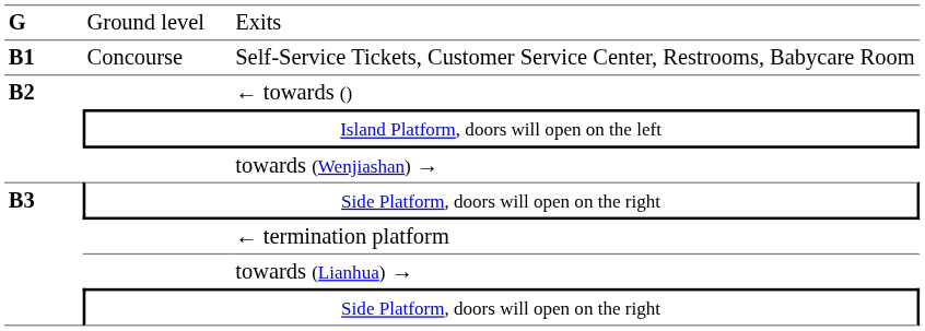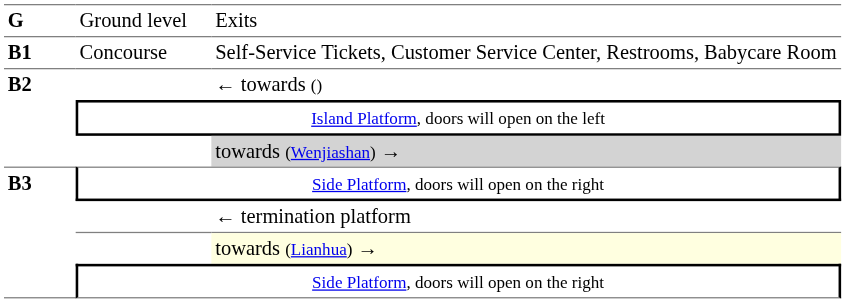 <table style="border-spacing:0;">
 <tr>
 <td style="border-bottom:solid 1px gray;border-top:solid 1px gray;vertical-align:top;padding:3px;"><strong>G</strong></td>
 <td style="border-top:solid 1px gray;border-bottom:solid 1px gray;vertical-align:top;padding:3px;">Ground level</td>
 <td style="border-top:solid 1px gray;border-bottom:solid 1px gray;vertical-align:top;padding:3px;">Exits</td>
 </tr>
 <tr>
 <td style="border-bottom:solid 1px gray;vertical-align:top;padding:3px;"><strong>B1</strong></td>
 <td style="border-bottom:solid 1px gray;vertical-align:top;padding:3px;">Concourse</td>
 <td style="border-bottom:solid 1px gray;padding:3px;">Self-Service Tickets, Customer Service Center, Restrooms, Babycare Room</td>
 </tr>
 <tr>
 <td style="vertical-align:top;padding:3px;" rowspan=3><strong>B2</strong></td>
 <td></td>
 <td style="padding:3px;">←  towards  <small> ()</small></td>
 </tr>
 <tr>
 <td style="border:solid 2px black;text-align:center;padding:3px;" colspan=3><small><a href='#'>Island Platform</a>, doors will open on the left</small></td>
 </tr>
 <tr>
 <td style="padding:3px;"></td>
-<td style="padding:3px;">  towards  <small> (<a href='#'>Wenjiashan</a>)</small> →</td>
+<td style="background: lightgrey; padding:3px;">  towards  <small> (<a href='#'>Wenjiashan</a>)</small> →</td>
 </tr>
 <tr>
 <td style="border-top:solid 1px gray;border-bottom:solid 1px gray;width:50px;vertical-align:top;padding:3px;" rowspan=5><strong>B3</strong></td>
 </tr>
 <tr>
 <td style="border-top:solid 1px gray;border-right:solid 2px black;border-left:solid 2px black;border-bottom:solid 2px black;text-align:center;padding:3px;" colspan=2><small><a href='#'>Side Platform</a>, doors will open on the right</small></td>
 </tr>
 <tr>
 <td style="border-bottom:solid 1px gray;width:100px;padding:3px;"></td>
 <td style="border-bottom:solid 1px gray;padding:3px;">←  termination platform</td>
 </tr>
 <tr>
 <td style="padding:3px;"></td>
-<td style="padding:3px;">  towards  <small>(<a href='#'>Lianhua</a>)</small> →</td>
+<td style="background: lightyellow; padding:3px;">  towards  <small>(<a href='#'>Lianhua</a>)</small> →</td>
 </tr>
 <tr>
 <td style="border-top:solid 2px black;border-right:solid 2px black;border-left:solid 2px black;border-bottom:solid 1px gray;text-align:center;padding:3px;" colspan=2><small><a href='#'>Side Platform</a>, doors will open on the right</small></td>
 </tr>
 </table>
